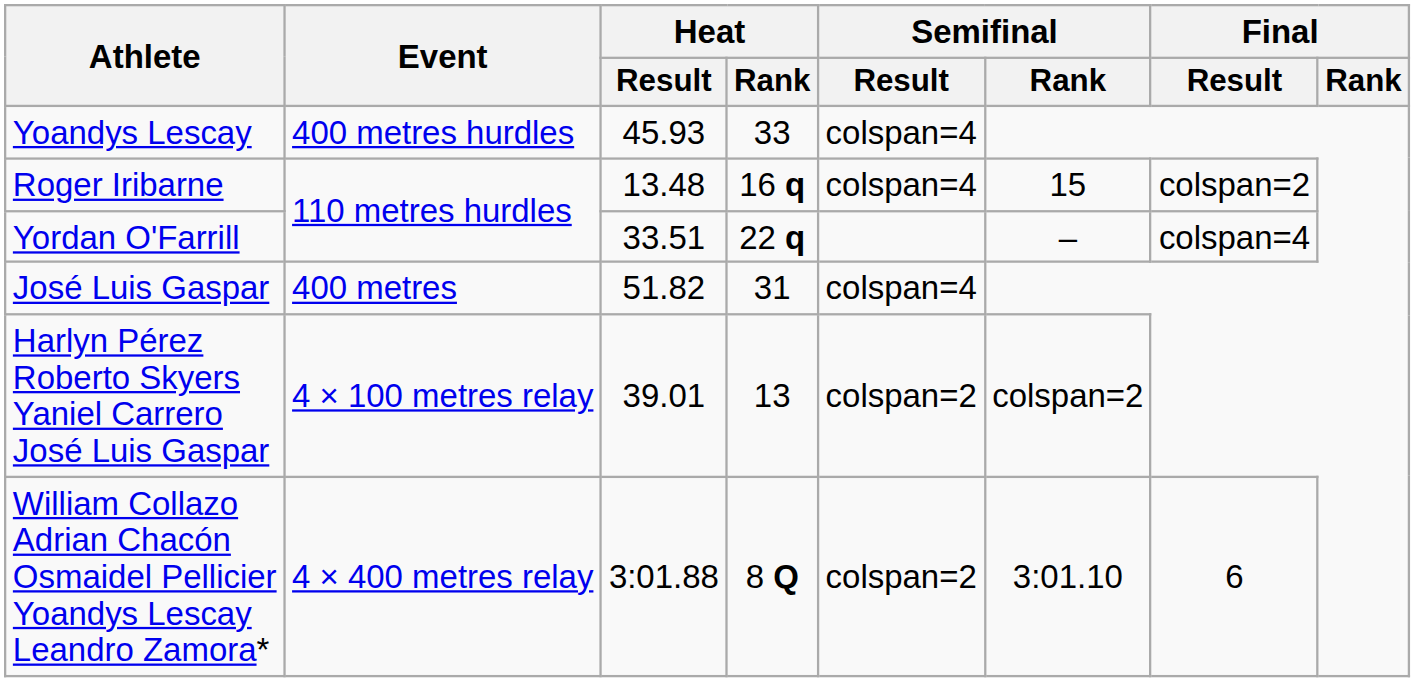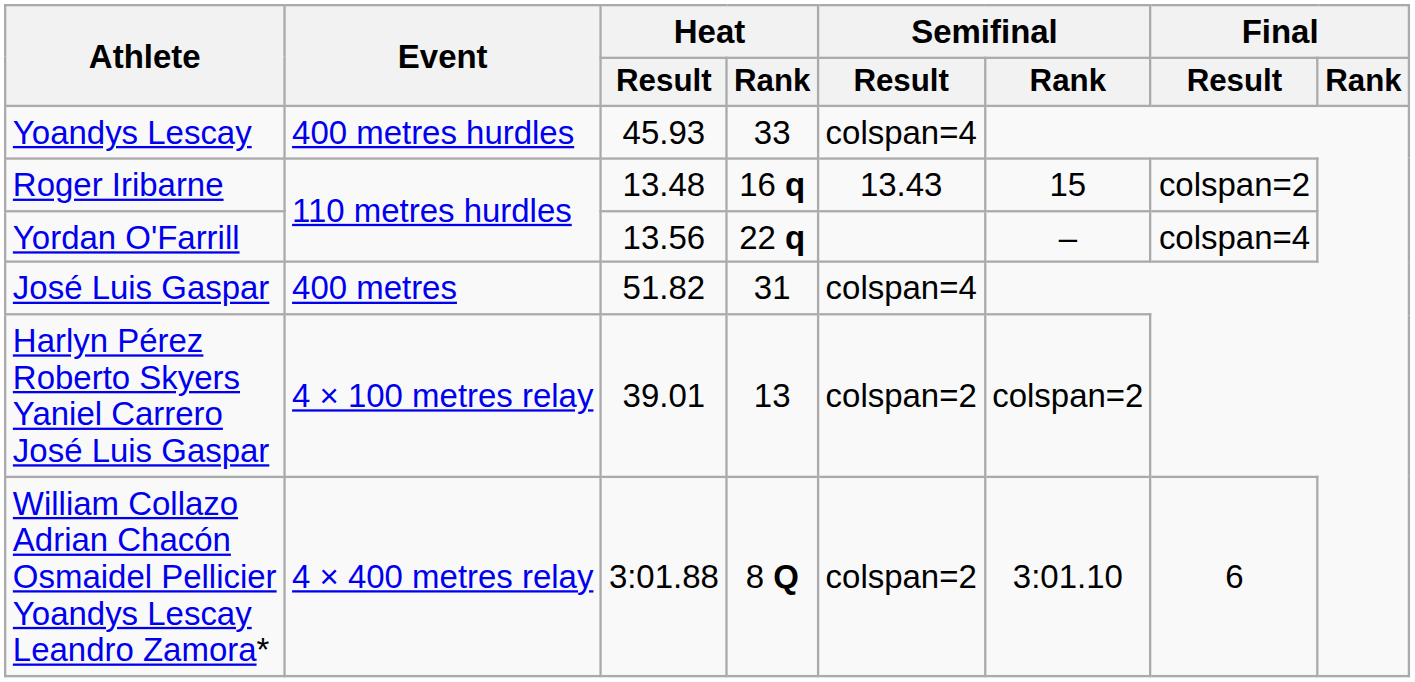 <table class=wikitable style=font-size:90%>
 <tr>
 <th rowspan=2>Athlete</th>
 <th rowspan=2>Event</th>
 <th colspan=2>Heat</th>
 <th colspan=2>Semifinal</th>
 <th colspan=2>Final</th>
 </tr>
 <tr style=font-size:95%>
 <th>Result</th>
 <th>Rank</th>
 <th>Result</th>
 <th>Rank</th>
 <th>Result</th>
 <th>Rank</th>
 </tr>
 <tr align=center>
 <td align=left><a href='#'>Yoandys Lescay</a></td>
 <td align=left><a href='#'>400 metres hurdles</a></td>
 <td>45.93</td>
 <td>33</td>
 <td>colspan=4 </td>
 </tr>
 <tr align=center>
 <td align=left><a href='#'>Roger Iribarne</a></td>
 <td align=left rowspan=2><a href='#'>110 metres hurdles</a></td>
 <td>13.48</td>
 <td>16 <strong>q</strong></td>
-<td>colspan=4 </td>
+<td>13.43</td>
 <td>15</td>
 <td>colspan=2 </td>
 </tr>
 <tr align=center>
 <td align=left><a href='#'>Yordan O'Farrill</a></td>
-<td>33.51</td>
+<td>13.56</td>
 <td>22 <strong>q</strong></td>
 <td></td>
 <td>–</td>
 <td>colspan=4 </td>
 </tr>
 <tr align=center>
 <td align=left><a href='#'>José Luis Gaspar</a></td>
 <td align=left><a href='#'>400 metres</a></td>
 <td>51.82</td>
 <td>31</td>
 <td>colspan=4 </td>
 </tr>
 <tr align=center>
 <td align=left><a href='#'>Harlyn Pérez</a><br><a href='#'>Roberto Skyers</a><br><a href='#'>Yaniel Carrero</a><br><a href='#'>José Luis Gaspar</a></td>
 <td align=left><a href='#'>4 × 100 metres relay</a></td>
 <td>39.01 <strong></strong></td>
 <td>13</td>
 <td>colspan=2 </td>
 <td>colspan=2 </td>
 </tr>
 <tr align=center>
 <td align=left><a href='#'>William Collazo</a><br><a href='#'>Adrian Chacón</a><br><a href='#'>Osmaidel Pellicier</a><br><a href='#'>Yoandys Lescay</a><br><a href='#'>Leandro Zamora</a>*</td>
 <td align=left><a href='#'>4 × 400 metres relay</a></td>
 <td>3:01.88 <strong></strong></td>
 <td>8 <strong>Q</strong></td>
 <td>colspan=2 </td>
 <td>3:01.10 <strong></strong></td>
 <td>6</td>
 </tr>
 </table>
